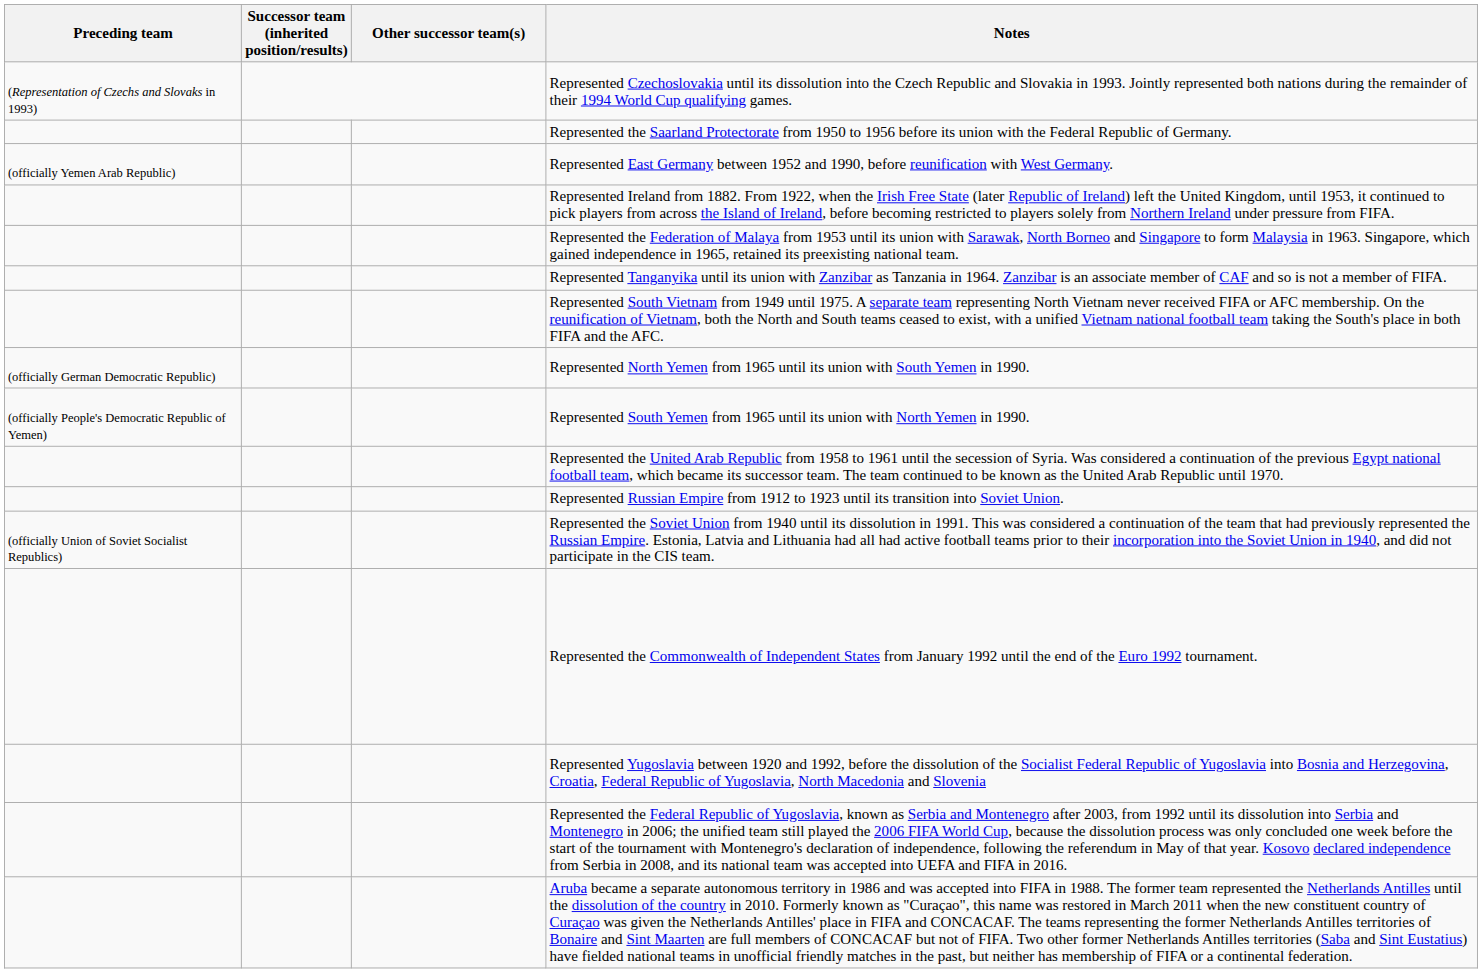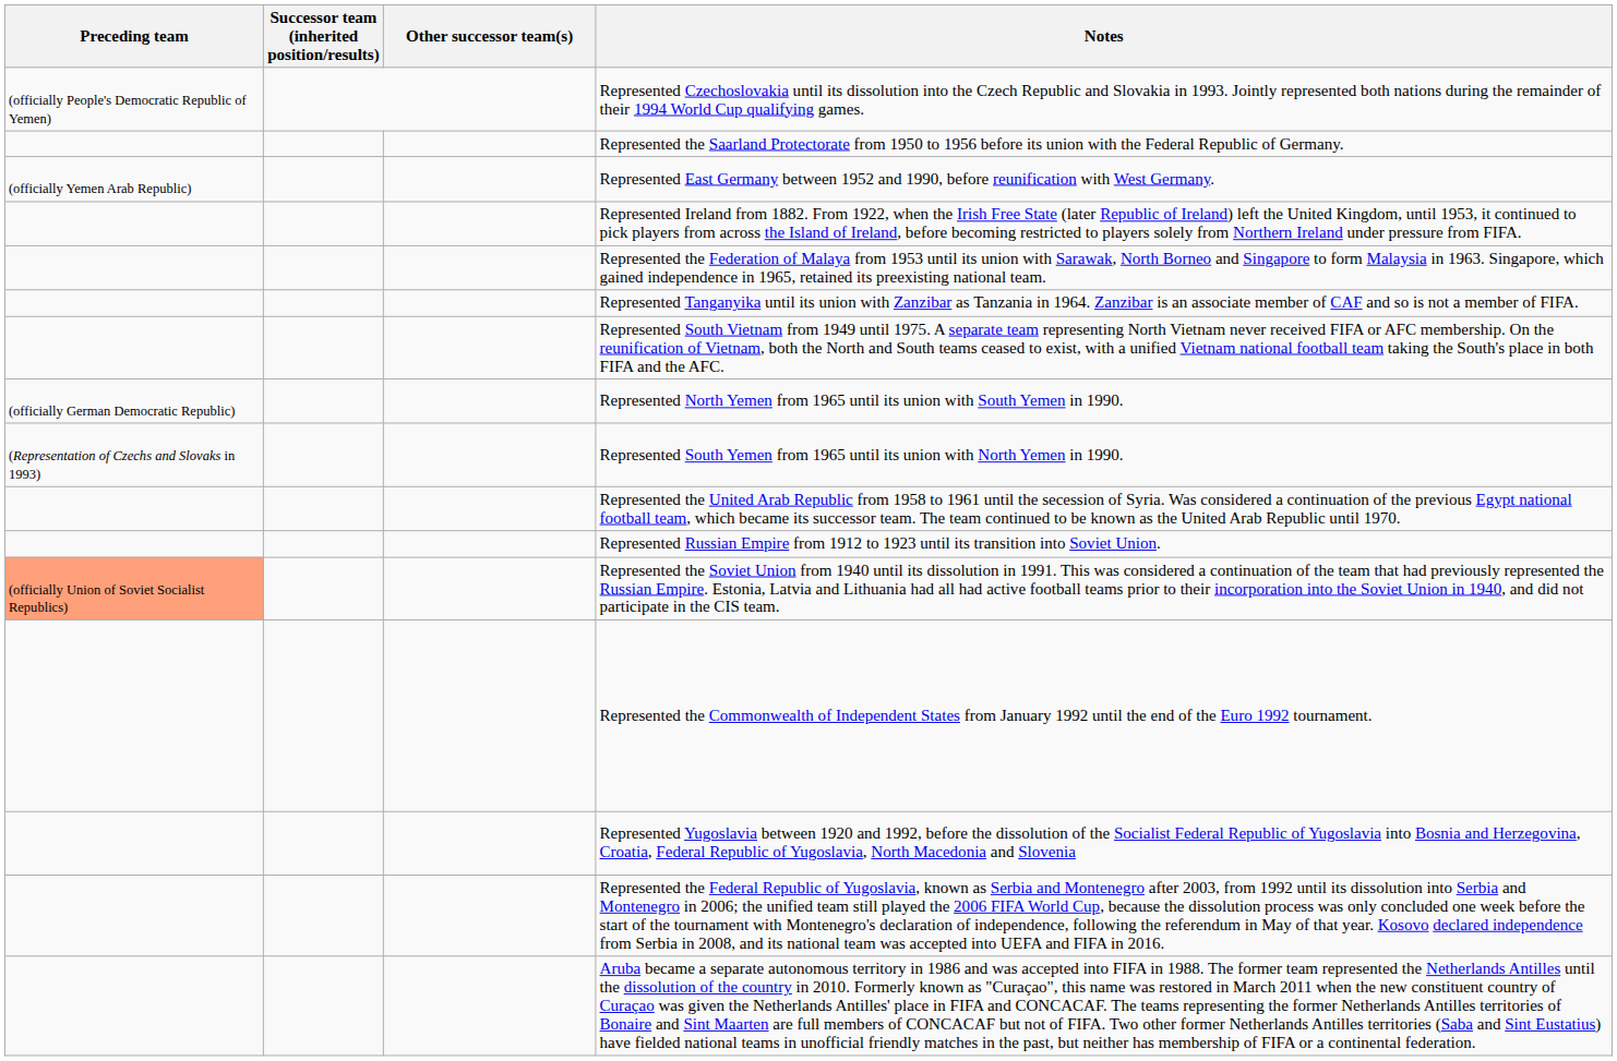 <table class="wikitable">
 <tr>
 <th width=245>Preceding team</th>
 <th width=100>Successor team<br>(inherited position/results)</th>
 <th width=200>Other successor team(s)</th>
 <th>Notes</th>
 </tr>
 <tr>
-<td><br><small>(<em>Representation of Czechs and Slovaks</em> in 1993)</small></td>
+<td><br><small>(officially People's Democratic Republic of Yemen)</small></td>
 <td colspan="2"><br></td>
 <td>Represented <a href='#'>Czechoslovakia</a> until its dissolution into the Czech Republic and Slovakia in 1993. Jointly represented both nations during the remainder of their <a href='#'>1994 World Cup qualifying</a> games.</td>
 </tr>
 <tr>
 <td></td>
 <td></td>
 <td></td>
 <td>Represented the <a href='#'>Saarland Protectorate</a> from 1950 to 1956 before its union with the Federal Republic of Germany.</td>
 </tr>
 <tr>
 <td><br><small>(officially Yemen Arab Republic)</small></td>
 <td></td>
 <td></td>
 <td>Represented <a href='#'>East Germany</a> between 1952 and 1990, before <a href='#'>reunification</a> with <a href='#'>West Germany</a>.</td>
 </tr>
 <tr>
 <td></td>
 <td></td>
 <td></td>
 <td>Represented Ireland from 1882. From 1922, when the <a href='#'>Irish Free State</a> (later <a href='#'>Republic of Ireland</a>) left the United Kingdom, until 1953, it continued to pick players from across <a href='#'>the Island of Ireland</a>, before becoming restricted to players solely from <a href='#'>Northern Ireland</a> under pressure from FIFA.</td>
 </tr>
 <tr>
 <td></td>
 <td></td>
 <td></td>
 <td>Represented the <a href='#'>Federation of Malaya</a> from 1953 until its union with <a href='#'>Sarawak</a>, <a href='#'>North Borneo</a> and <a href='#'>Singapore</a> to form <a href='#'>Malaysia</a> in 1963. Singapore, which gained independence in 1965, retained its preexisting national team.</td>
 </tr>
 <tr>
 <td></td>
 <td></td>
 <td></td>
 <td>Represented <a href='#'>Tanganyika</a> until its union with <a href='#'>Zanzibar</a> as Tanzania in 1964. <a href='#'>Zanzibar</a> is an associate member of <a href='#'>CAF</a> and so is not a member of FIFA.</td>
 </tr>
 <tr>
 <td></td>
 <td></td>
 <td></td>
 <td>Represented <a href='#'>South Vietnam</a> from 1949 until 1975. A <a href='#'>separate team</a> representing North Vietnam never received FIFA or AFC membership. On the <a href='#'>reunification of Vietnam</a>, both the North and South teams ceased to exist, with a unified <a href='#'>Vietnam national football team</a> taking the South's place in both FIFA and the AFC.</td>
 </tr>
 <tr>
 <td><br><small>(officially German Democratic Republic)</small></td>
 <td></td>
 <td></td>
 <td>Represented <a href='#'>North Yemen</a> from 1965 until its union with <a href='#'>South Yemen</a> in 1990.</td>
 </tr>
 <tr>
-<td><br><small>(officially People's Democratic Republic of Yemen)</small></td>
+<td><br><small>(<em>Representation of Czechs and Slovaks</em> in 1993)</small></td>
 <td></td>
 <td></td>
 <td>Represented <a href='#'>South Yemen</a> from 1965 until its union with <a href='#'>North Yemen</a> in 1990.</td>
 </tr>
 <tr>
 <td></td>
 <td></td>
 <td></td>
 <td>Represented the <a href='#'>United Arab Republic</a> from 1958 to 1961 until the secession of Syria. Was considered a continuation of the previous <a href='#'>Egypt national football team</a>, which became its successor team. The team continued to be known as the United Arab Republic until 1970.</td>
 </tr>
 <tr>
 <td></td>
 <td></td>
 <td></td>
 <td>Represented <a href='#'>Russian Empire</a> from 1912 to 1923 until its transition into <a href='#'>Soviet Union</a>.</td>
 </tr>
 <tr>
-<td><br><small>(officially Union of Soviet Socialist Republics)</small></td>
+<td style="background: lightsalmon;"><br><small>(officially Union of Soviet Socialist Republics)</small></td>
 <td></td>
 <td><br><br></td>
 <td>Represented the <a href='#'>Soviet Union</a> from 1940 until its dissolution in 1991. This was considered a continuation of the team that had previously represented the <a href='#'>Russian Empire</a>. Estonia, Latvia and Lithuania had all had active football teams prior to their <a href='#'>incorporation into the Soviet Union in 1940</a>, and did not participate in the CIS team.</td>
 </tr>
 <tr>
 <td></td>
 <td></td>
 <td><br><br><br><br><br><br><br> <br><br><br></td>
 <td>Represented the <a href='#'>Commonwealth of Independent States</a> from January 1992 until the end of the <a href='#'>Euro 1992</a> tournament.</td>
 </tr>
 <tr>
 <td></td>
 <td></td>
 <td><br><br><br></td>
 <td>Represented <a href='#'>Yugoslavia</a> between 1920 and 1992, before the dissolution of the <a href='#'>Socialist Federal Republic of Yugoslavia</a> into <a href='#'>Bosnia and Herzegovina</a>, <a href='#'>Croatia</a>, <a href='#'>Federal Republic of Yugoslavia</a>, <a href='#'>North Macedonia</a> and <a href='#'>Slovenia</a></td>
 </tr>
 <tr>
 <td></td>
 <td></td>
 <td><br></td>
 <td>Represented the <a href='#'>Federal Republic of Yugoslavia</a>, known as <a href='#'>Serbia and Montenegro</a> after 2003, from 1992 until its dissolution into <a href='#'>Serbia</a> and <a href='#'>Montenegro</a> in 2006; the unified team still played the <a href='#'>2006 FIFA World Cup</a>, because the dissolution process was only concluded one week before the start of the tournament with Montenegro's declaration of independence, following the referendum in May of that year. <a href='#'>Kosovo</a> <a href='#'>declared independence</a> from Serbia in 2008, and its national team was accepted into UEFA and FIFA in 2016.</td>
 </tr>
 <tr>
 <td></td>
 <td></td>
 <td><br><br></td>
 <td><a href='#'>Aruba</a> became a separate autonomous territory in 1986 and was accepted into FIFA in 1988. The former team represented the <a href='#'>Netherlands Antilles</a> until the <a href='#'>dissolution of the country</a> in 2010. Formerly known as "Curaçao", this name was restored in March 2011 when the new constituent country of <a href='#'>Curaçao</a> was given the Netherlands Antilles' place in FIFA and CONCACAF. The teams representing the former Netherlands Antilles territories of <a href='#'>Bonaire</a> and <a href='#'>Sint Maarten</a> are full members of CONCACAF but not of FIFA. Two other former Netherlands Antilles territories (<a href='#'>Saba</a> and <a href='#'>Sint Eustatius</a>) have fielded national teams in unofficial friendly matches in the past, but neither has membership of FIFA or a continental federation.</td>
 </tr>
 </table>
